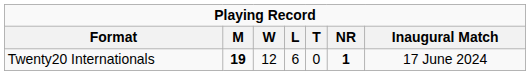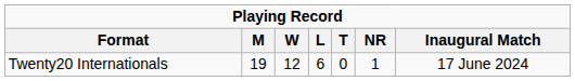 <table class="wikitable" style="text-align: center; width: 600px;">
 <tr>
 <td colspan=7 align="center"><strong>Playing Record</strong></td>
 </tr>
 <tr>
 <th>Format</th>
 <th>M</th>
 <th>W</th>
 <th>L</th>
 <th>T</th>
 <th>NR</th>
 <th>Inaugural Match</th>
 </tr>
 <tr>
 <td align="left">Twenty20 Internationals</td>
-<td><strong>19</strong></td>
+<td>19</td>
 <td>12</td>
 <td>6</td>
 <td>0</td>
-<td><strong>1</strong></td>
+<td>1</td>
 <td>17 June 2024</td>
 </tr>
 </table>
